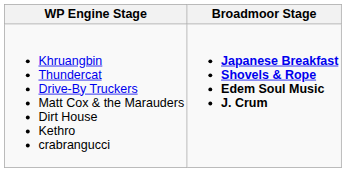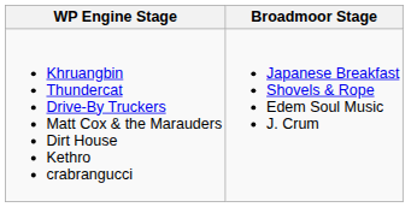 <table class="wikitable">
 <tr>
 <th>WP Engine Stage</th>
 <th>Broadmoor Stage</th>
 </tr>
 <tr valign="top">
 <td><br><ul><li><a href='#'>Khruangbin</a></li><li><a href='#'>Thundercat</a></li><li><a href='#'>Drive-By Truckers</a></li><li>Matt Cox & the Marauders</li><li>Dirt House</li><li>Kethro</li><li>crabrangucci</li></ul></td>
-<td><strong><br><ul><li><a href='#'>Japanese Breakfast</a></li><li><a href='#'>Shovels & Rope</a></li><li>Edem Soul Music</li><li>J. Crum</li></ul></strong></td>
+<td><br><ul><li><a href='#'>Japanese Breakfast</a></li><li><a href='#'>Shovels & Rope</a></li><li>Edem Soul Music</li><li>J. Crum</li></ul></td>
 </tr>
 </table>
